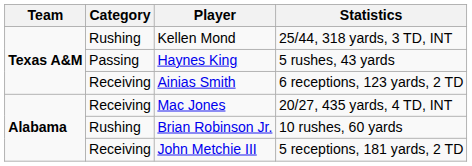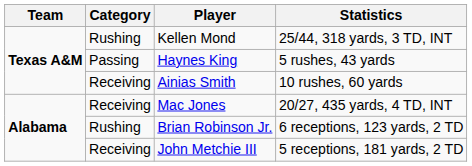 <table class="wikitable" style="float: right;">
 <tr>
 <th>Team</th>
 <th>Category</th>
 <th>Player</th>
 <th>Statistics</th>
 </tr>
 <tr>
 <td rowspan=3><strong>Texas A&M</strong></td>
 <td>Rushing</td>
 <td>Kellen Mond</td>
 <td>25/44, 318 yards, 3 TD, INT</td>
 </tr>
 <tr>
 <td>Passing</td>
 <td><a href='#'>Haynes King</a></td>
 <td>5 rushes, 43 yards</td>
 </tr>
 <tr>
 <td>Receiving</td>
 <td><a href='#'>Ainias Smith</a></td>
-<td>6 receptions, 123 yards, 2 TD</td>
+<td>10 rushes, 60 yards</td>
 </tr>
 <tr>
 <td rowspan=3><strong>Alabama</strong></td>
 <td>Receiving</td>
 <td><a href='#'>Mac Jones</a></td>
 <td>20/27, 435 yards, 4 TD, INT</td>
 </tr>
 <tr>
 <td>Rushing</td>
 <td><a href='#'>Brian Robinson Jr.</a></td>
-<td>10 rushes, 60 yards</td>
+<td>6 receptions, 123 yards, 2 TD</td>
 </tr>
 <tr>
 <td>Receiving</td>
 <td><a href='#'>John Metchie III</a></td>
 <td>5 receptions, 181 yards, 2 TD</td>
 </tr>
 </table>
